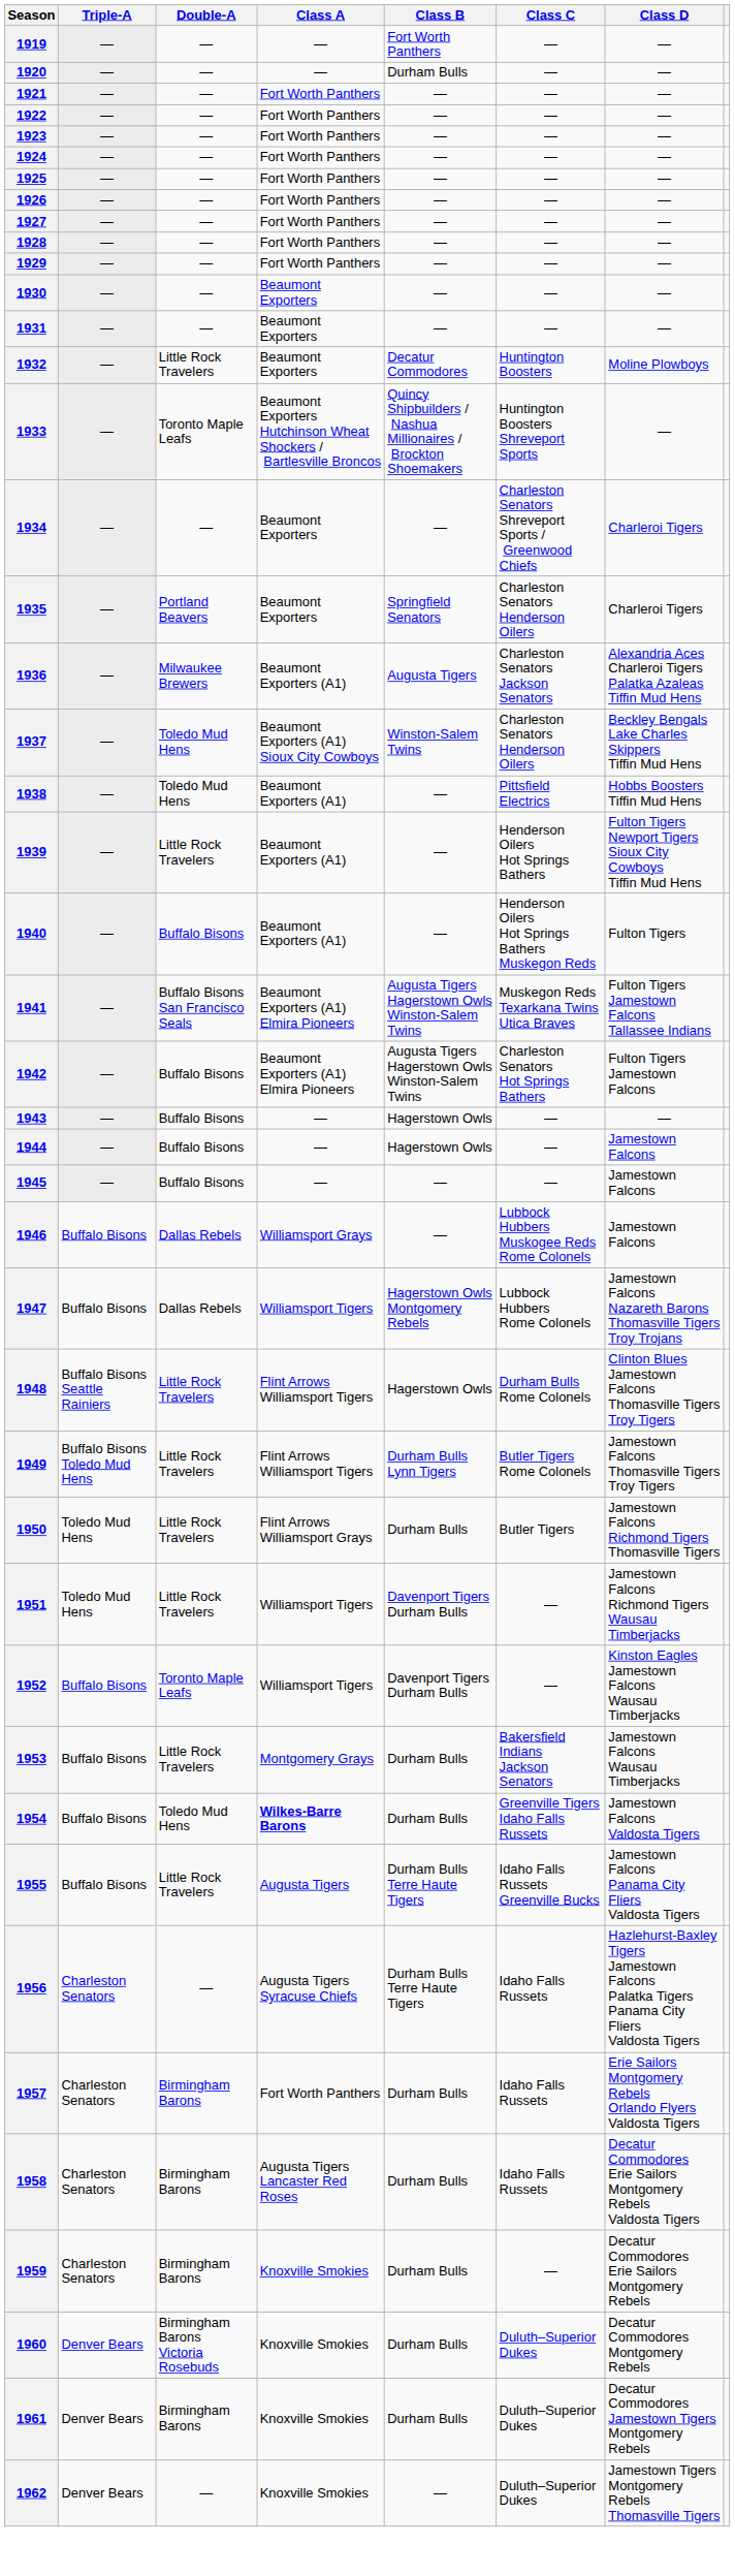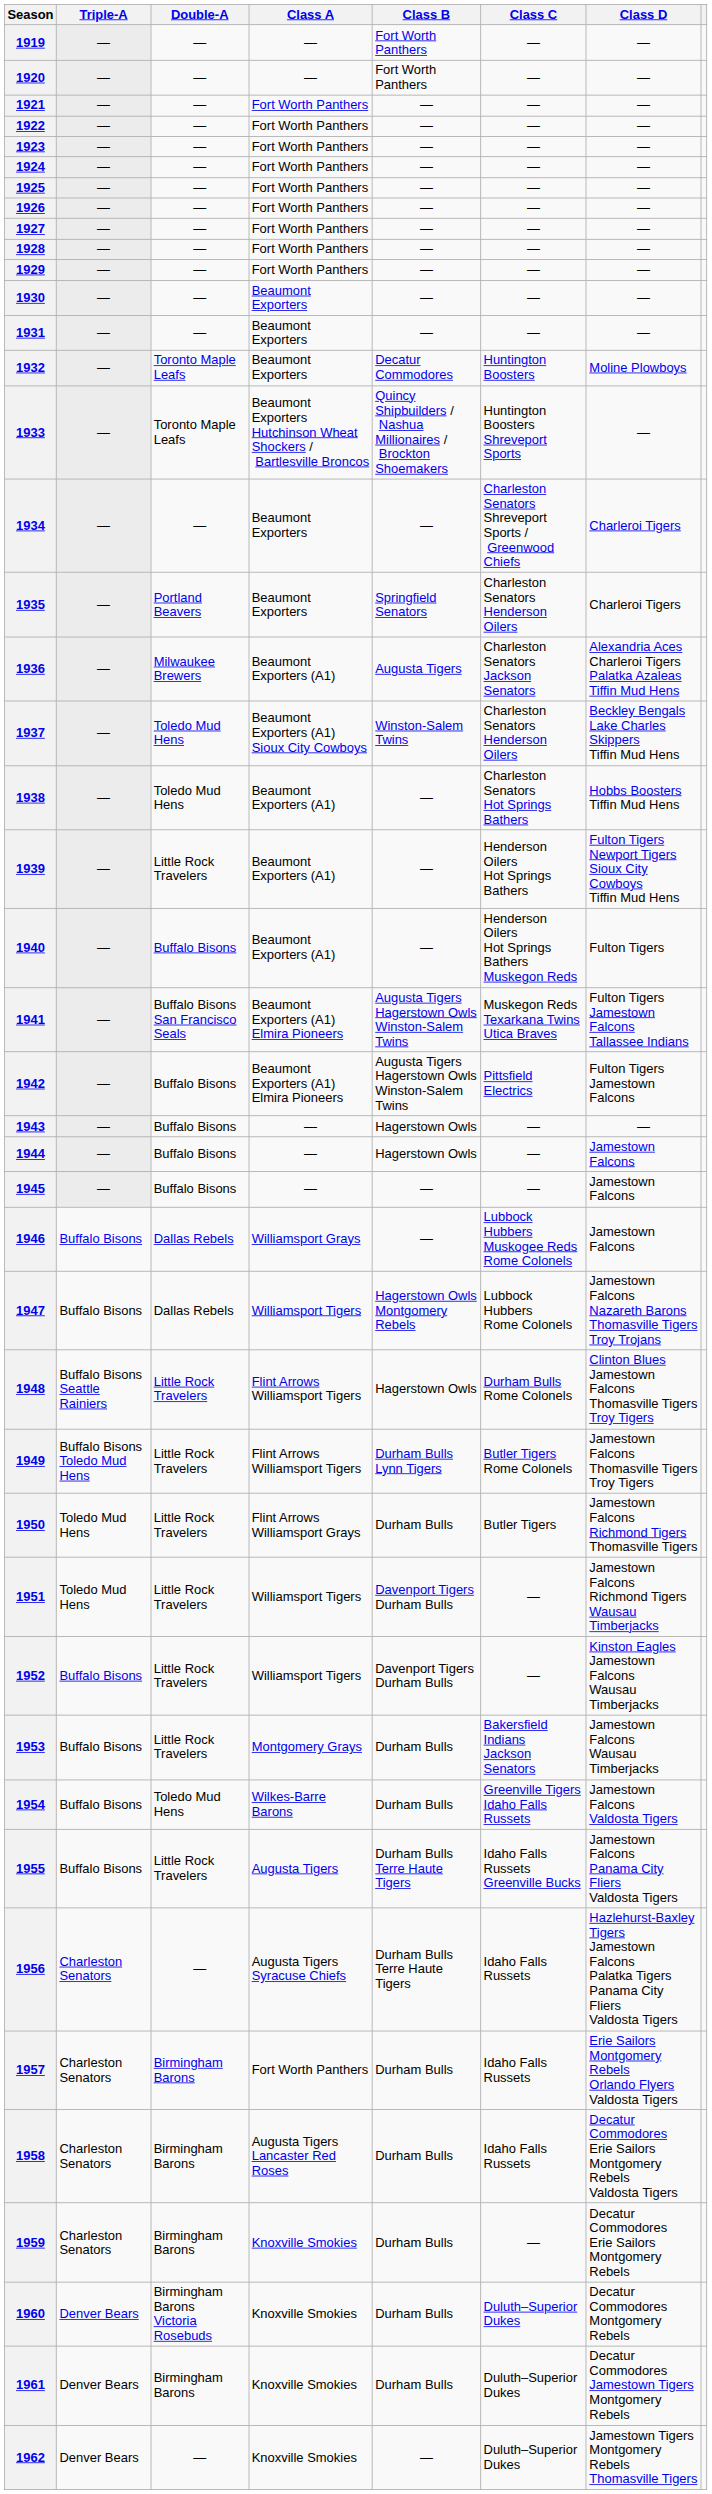 <table class="wikitable plainrowheaders">
 <tr>
 <th scope="col">Season</th>
 <th scope="col"><a href='#'><span>Triple-A</span></a></th>
 <th scope="col"><a href='#'><span>Double-A</span></a></th>
 <th scope="col"><a href='#'><span>Class A</span></a></th>
 <th scope="col"><a href='#'><span>Class B</span></a></th>
 <th scope="col"><a href='#'><span>Class C</span></a></th>
 <th scope="col"><a href='#'><span>Class D</span></a></th>
 <th scope="col"></th>
 </tr>
 <tr>
 <th scope="row" style="text-align:center"><a href='#'>1919</a></th>
 <td style="background:#ececec" align="center">—</td>
 <td align="center">—</td>
 <td align="center">—</td>
 <td><a href='#'>Fort Worth Panthers</a></td>
 <td align="center">—</td>
 <td align="center">—</td>
 <td align="center"></td>
 </tr>
 <tr>
 <th scope="row" style="text-align:center"><a href='#'>1920</a></th>
 <td style="background:#ececec" align="center">—</td>
 <td align="center">—</td>
 <td align="center">—</td>
-<td>Durham Bulls</td>
+<td>Fort Worth Panthers</td>
 <td align="center">—</td>
 <td align="center">—</td>
 <td align="center"></td>
 </tr>
 <tr>
 <th scope="row" style="text-align:center"><a href='#'>1921</a></th>
 <td style="background:#ececec" align="center">—</td>
 <td align="center">—</td>
 <td><a href='#'>Fort Worth Panthers</a></td>
 <td align="center">—</td>
 <td align="center">—</td>
 <td align="center">—</td>
 <td align="center"></td>
 </tr>
 <tr>
 <th scope="row" style="text-align:center"><a href='#'>1922</a></th>
 <td style="background:#ececec" align="center">—</td>
 <td align="center">—</td>
 <td>Fort Worth Panthers</td>
 <td align="center">—</td>
 <td align="center">—</td>
 <td align="center">—</td>
 <td align="center"></td>
 </tr>
 <tr>
 <th scope="row" style="text-align:center"><a href='#'>1923</a></th>
 <td style="background:#ececec" align="center">—</td>
 <td align="center">—</td>
 <td>Fort Worth Panthers</td>
 <td align="center">—</td>
 <td align="center">—</td>
 <td align="center">—</td>
 <td align="center"></td>
 </tr>
 <tr>
 <th scope="row" style="text-align:center"><a href='#'>1924</a></th>
 <td style="background:#ececec" align="center">—</td>
 <td align="center">—</td>
 <td>Fort Worth Panthers</td>
 <td align="center">—</td>
 <td align="center">—</td>
 <td align="center">—</td>
 <td align="center"></td>
 </tr>
 <tr>
 <th scope="row" style="text-align:center"><a href='#'>1925</a></th>
 <td style="background:#ececec" align="center">—</td>
 <td align="center">—</td>
 <td>Fort Worth Panthers</td>
 <td align="center">—</td>
 <td align="center">—</td>
 <td align="center">—</td>
 <td align="center"></td>
 </tr>
 <tr>
 <th scope="row" style="text-align:center"><a href='#'>1926</a></th>
 <td style="background:#ececec" align="center">—</td>
 <td align="center">—</td>
 <td>Fort Worth Panthers</td>
 <td align="center">—</td>
 <td align="center">—</td>
 <td align="center">—</td>
 <td align="center"></td>
 </tr>
 <tr>
 <th scope="row" style="text-align:center"><a href='#'>1927</a></th>
 <td style="background:#ececec" align="center">—</td>
 <td align="center">—</td>
 <td>Fort Worth Panthers</td>
 <td align="center">—</td>
 <td align="center">—</td>
 <td align="center">—</td>
 <td align="center"></td>
 </tr>
 <tr>
 <th scope="row" style="text-align:center"><a href='#'>1928</a></th>
 <td style="background:#ececec" align="center">—</td>
 <td align="center">—</td>
 <td>Fort Worth Panthers</td>
 <td align="center">—</td>
 <td align="center">—</td>
 <td align="center">—</td>
 <td align="center"></td>
 </tr>
 <tr>
 <th scope="row" style="text-align:center"><a href='#'>1929</a></th>
 <td style="background:#ececec" align="center">—</td>
 <td align="center">—</td>
 <td>Fort Worth Panthers</td>
 <td align="center">—</td>
 <td align="center">—</td>
 <td align="center">—</td>
 <td align="center"></td>
 </tr>
 <tr>
 <th scope="row" style="text-align:center"><a href='#'>1930</a></th>
 <td style="background:#ececec" align="center">—</td>
 <td align="center">—</td>
 <td><a href='#'>Beaumont Exporters</a></td>
 <td align="center">—</td>
 <td align="center">—</td>
 <td align="center">—</td>
 <td align="center"></td>
 </tr>
 <tr>
 <th scope="row" style="text-align:center"><a href='#'>1931</a></th>
 <td style="background:#ececec" align="center">—</td>
 <td align="center">—</td>
 <td>Beaumont Exporters</td>
 <td align="center">—</td>
 <td align="center">—</td>
 <td align="center">—</td>
 <td align="center"></td>
 </tr>
 <tr>
 <th scope="row" style="text-align:center"><a href='#'>1932</a></th>
 <td style="background:#ececec" align="center">—</td>
-<td>Little Rock Travelers</td>
+<td><a href='#'>Toronto Maple Leafs</a></td>
 <td>Beaumont Exporters</td>
 <td><a href='#'>Decatur Commodores</a></td>
 <td><a href='#'>Huntington Boosters</a></td>
 <td><a href='#'>Moline Plowboys</a></td>
 <td align="center"></td>
 </tr>
 <tr>
 <th scope="row" style="text-align:center"><a href='#'>1933</a></th>
 <td style="background:#ececec" align="center">—</td>
 <td>Toronto Maple Leafs</td>
 <td>Beaumont Exporters<br><a href='#'>Hutchinson Wheat Shockers</a> /<br>  <a href='#'>Bartlesville Broncos</a></td>
 <td><a href='#'>Quincy Shipbuilders</a> /<br>  <a href='#'>Nashua Millionaires</a> /<br>  <a href='#'>Brockton Shoemakers</a></td>
 <td>Huntington Boosters<br><a href='#'>Shreveport Sports</a></td>
 <td align="center">—</td>
 <td align="center"></td>
 </tr>
 <tr>
 <th scope="row" style="text-align:center"><a href='#'>1934</a></th>
 <td style="background:#ececec" align="center">—</td>
 <td align="center">—</td>
 <td>Beaumont Exporters</td>
 <td align="center">—</td>
 <td><a href='#'>Charleston Senators</a><br>Shreveport Sports /<br>  <a href='#'>Greenwood Chiefs</a></td>
 <td><a href='#'>Charleroi Tigers</a></td>
 <td align="center"></td>
 </tr>
 <tr>
 <th scope="row" style="text-align:center"><a href='#'>1935</a></th>
 <td style="background:#ececec" align="center">—</td>
 <td><a href='#'>Portland Beavers</a></td>
 <td>Beaumont Exporters</td>
 <td><a href='#'>Springfield Senators</a></td>
 <td>Charleston Senators<br><a href='#'>Henderson Oilers</a></td>
 <td>Charleroi Tigers</td>
 <td align="center"></td>
 </tr>
 <tr>
 <th scope="row" style="text-align:center"><a href='#'>1936</a></th>
 <td style="background:#ececec" align="center">—</td>
 <td><a href='#'>Milwaukee Brewers</a></td>
 <td>Beaumont Exporters (A1)</td>
 <td><a href='#'>Augusta Tigers</a></td>
 <td>Charleston Senators<br><a href='#'>Jackson Senators</a></td>
 <td><a href='#'>Alexandria Aces</a><br>Charleroi Tigers<br><a href='#'>Palatka Azaleas</a><br><a href='#'>Tiffin Mud Hens</a></td>
 <td align="center"></td>
 </tr>
 <tr>
 <th scope="row" style="text-align:center"><a href='#'>1937</a></th>
 <td style="background:#ececec" align="center">—</td>
 <td><a href='#'>Toledo Mud Hens</a></td>
 <td>Beaumont Exporters (A1)<br><a href='#'>Sioux City Cowboys</a></td>
 <td><a href='#'>Winston-Salem Twins</a></td>
 <td>Charleston Senators<br><a href='#'>Henderson Oilers</a></td>
 <td><a href='#'>Beckley Bengals</a><br><a href='#'>Lake Charles Skippers</a><br>Tiffin Mud Hens</td>
 <td align="center"></td>
 </tr>
 <tr>
 <th scope="row" style="text-align:center"><a href='#'>1938</a></th>
 <td style="background:#ececec" align="center">—</td>
 <td>Toledo Mud Hens</td>
 <td>Beaumont Exporters (A1)</td>
 <td align="center">—</td>
-<td><a href='#'>Pittsfield Electrics</a></td>
+<td>Charleston Senators<br><a href='#'>Hot Springs Bathers</a></td>
 <td><a href='#'>Hobbs Boosters</a><br>Tiffin Mud Hens</td>
 <td align="center"></td>
 </tr>
 <tr>
 <th scope="row" style="text-align:center"><a href='#'>1939</a></th>
 <td style="background:#ececec" align="center">—</td>
 <td>Little Rock Travelers</td>
 <td>Beaumont Exporters (A1)</td>
 <td align="center">—</td>
 <td>Henderson Oilers<br>Hot Springs Bathers</td>
 <td><a href='#'>Fulton Tigers</a><br><a href='#'>Newport Tigers</a><br><a href='#'>Sioux City Cowboys</a><br>Tiffin Mud Hens</td>
 <td align="center"></td>
 </tr>
 <tr>
 <th scope="row" style="text-align:center"><a href='#'>1940</a></th>
 <td style="background:#ececec" align="center">—</td>
 <td><a href='#'>Buffalo Bisons</a></td>
 <td>Beaumont Exporters (A1)</td>
 <td align="center">—</td>
 <td>Henderson Oilers<br>Hot Springs Bathers<br><a href='#'>Muskegon Reds</a></td>
 <td>Fulton Tigers</td>
 <td align="center"></td>
 </tr>
 <tr>
 <th scope="row" style="text-align:center"><a href='#'>1941</a></th>
 <td style="background:#ececec" align="center">—</td>
 <td>Buffalo Bisons<br><a href='#'>San Francisco Seals</a></td>
 <td>Beaumont Exporters (A1)<br><a href='#'>Elmira Pioneers</a></td>
 <td><a href='#'>Augusta Tigers</a><br><a href='#'>Hagerstown Owls</a><br><a href='#'>Winston-Salem Twins</a></td>
 <td>Muskegon Reds<br><a href='#'>Texarkana Twins</a><br><a href='#'>Utica Braves</a></td>
 <td>Fulton Tigers<br><a href='#'>Jamestown Falcons</a><br><a href='#'>Tallassee Indians</a></td>
 <td align="center"></td>
 </tr>
 <tr>
 <th scope="row" style="text-align:center"><a href='#'>1942</a></th>
 <td style="background:#ececec" align="center">—</td>
 <td>Buffalo Bisons</td>
 <td>Beaumont Exporters (A1)<br>Elmira Pioneers</td>
 <td>Augusta Tigers<br>Hagerstown Owls<br>Winston-Salem Twins</td>
-<td>Charleston Senators<br><a href='#'>Hot Springs Bathers</a></td>
+<td><a href='#'>Pittsfield Electrics</a></td>
 <td>Fulton Tigers<br>Jamestown Falcons</td>
 <td align="center"></td>
 </tr>
 <tr>
 <th scope="row" style="text-align:center"><a href='#'>1943</a></th>
 <td style="background:#ececec" align="center">—</td>
 <td>Buffalo Bisons</td>
 <td align="center">—</td>
 <td>Hagerstown Owls</td>
 <td align="center">—</td>
 <td align="center">—</td>
 <td align="center"></td>
 </tr>
 <tr>
 <th scope="row" style="text-align:center"><a href='#'>1944</a></th>
 <td style="background:#ececec" align="center">—</td>
 <td>Buffalo Bisons</td>
 <td align="center">—</td>
 <td>Hagerstown Owls</td>
 <td align="center">—</td>
 <td><a href='#'>Jamestown Falcons</a></td>
 <td align="center"></td>
 </tr>
 <tr>
 <th scope="row" style="text-align:center"><a href='#'>1945</a></th>
 <td style="background:#ececec" align="center">—</td>
 <td>Buffalo Bisons</td>
 <td align="center">—</td>
 <td align="center">—</td>
 <td align="center">—</td>
 <td>Jamestown Falcons</td>
 <td align="center"></td>
 </tr>
 <tr>
 <th scope="row" style="text-align:center"><a href='#'>1946</a></th>
 <td><a href='#'>Buffalo Bisons</a></td>
 <td><a href='#'>Dallas Rebels</a></td>
 <td><a href='#'>Williamsport Grays</a></td>
 <td align="center">—</td>
 <td><a href='#'>Lubbock Hubbers</a><br><a href='#'>Muskogee Reds</a><br><a href='#'>Rome Colonels</a></td>
 <td>Jamestown Falcons</td>
 <td align="center"></td>
 </tr>
 <tr>
 <th scope="row" style="text-align:center"><a href='#'>1947</a></th>
 <td>Buffalo Bisons</td>
 <td>Dallas Rebels</td>
 <td><a href='#'>Williamsport Tigers</a></td>
 <td><a href='#'>Hagerstown Owls</a><br><a href='#'>Montgomery Rebels</a></td>
 <td>Lubbock Hubbers<br>Rome Colonels</td>
 <td>Jamestown Falcons<br><a href='#'>Nazareth Barons</a><br><a href='#'>Thomasville Tigers</a><br><a href='#'>Troy Trojans</a></td>
 <td align="center"></td>
 </tr>
 <tr>
 <th scope="row" style="text-align:center"><a href='#'>1948</a></th>
 <td>Buffalo Bisons<br><a href='#'>Seattle Rainiers</a></td>
 <td><a href='#'>Little Rock Travelers</a></td>
 <td><a href='#'>Flint Arrows</a><br>Williamsport Tigers</td>
 <td>Hagerstown Owls</td>
 <td><a href='#'>Durham Bulls</a><br>Rome Colonels</td>
 <td><a href='#'>Clinton Blues</a><br>Jamestown Falcons<br>Thomasville Tigers<br><a href='#'>Troy Tigers</a></td>
 <td align="center"></td>
 </tr>
 <tr>
 <th scope="row" style="text-align:center"><a href='#'>1949</a></th>
 <td>Buffalo Bisons<br><a href='#'>Toledo Mud Hens</a></td>
 <td>Little Rock Travelers</td>
 <td>Flint Arrows<br>Williamsport Tigers</td>
 <td><a href='#'>Durham Bulls</a><br><a href='#'>Lynn Tigers</a></td>
 <td><a href='#'>Butler Tigers</a><br>Rome Colonels</td>
 <td>Jamestown Falcons<br>Thomasville Tigers<br>Troy Tigers</td>
 <td align="center"></td>
 </tr>
 <tr>
 <th scope="row" style="text-align:center"><a href='#'>1950</a></th>
 <td>Toledo Mud Hens</td>
 <td>Little Rock Travelers</td>
 <td>Flint Arrows<br>Williamsport Grays</td>
 <td>Durham Bulls</td>
 <td>Butler Tigers</td>
 <td>Jamestown Falcons<br><a href='#'>Richmond Tigers</a><br>Thomasville Tigers</td>
 <td align="center"></td>
 </tr>
 <tr>
 <th scope="row" style="text-align:center"><a href='#'>1951</a></th>
 <td>Toledo Mud Hens</td>
 <td>Little Rock Travelers</td>
 <td>Williamsport Tigers</td>
 <td><a href='#'>Davenport Tigers</a><br>Durham Bulls</td>
 <td align="center">—</td>
 <td>Jamestown Falcons<br>Richmond Tigers<br><a href='#'>Wausau Timberjacks</a></td>
 <td align="center"></td>
 </tr>
 <tr>
 <th scope="row" style="text-align:center"><a href='#'>1952</a></th>
 <td><a href='#'>Buffalo Bisons</a></td>
-<td><a href='#'>Toronto Maple Leafs</a></td>
+<td>Little Rock Travelers</td>
 <td>Williamsport Tigers</td>
 <td>Davenport Tigers<br>Durham Bulls</td>
 <td align="center">—</td>
 <td><a href='#'>Kinston Eagles</a><br>Jamestown Falcons<br>Wausau Timberjacks</td>
 <td align="center"></td>
 </tr>
 <tr>
 <th scope="row" style="text-align:center"><a href='#'>1953</a></th>
 <td>Buffalo Bisons</td>
 <td>Little Rock Travelers</td>
 <td><a href='#'>Montgomery Grays</a></td>
 <td>Durham Bulls</td>
 <td><a href='#'>Bakersfield Indians</a><br><a href='#'>Jackson Senators</a></td>
 <td>Jamestown Falcons<br>Wausau Timberjacks</td>
 <td align="center"></td>
 </tr>
 <tr>
 <th scope="row" style="text-align:center"><a href='#'>1954</a></th>
 <td>Buffalo Bisons</td>
 <td>Toledo Mud Hens</td>
-<td><strong><a href='#'>Wilkes-Barre Barons</a></strong></td>
+<td><a href='#'>Wilkes-Barre Barons</a></td>
 <td>Durham Bulls</td>
 <td><a href='#'>Greenville Tigers</a><br><a href='#'>Idaho Falls Russets</a></td>
 <td>Jamestown Falcons<br><a href='#'>Valdosta Tigers</a></td>
 <td align="center"></td>
 </tr>
 <tr>
 <th scope="row" style="text-align:center"><a href='#'>1955</a></th>
 <td>Buffalo Bisons</td>
 <td>Little Rock Travelers</td>
 <td><a href='#'>Augusta Tigers</a></td>
 <td>Durham Bulls<br><a href='#'>Terre Haute Tigers</a></td>
 <td>Idaho Falls Russets<br><a href='#'>Greenville Bucks</a></td>
 <td>Jamestown Falcons<br><a href='#'>Panama City Fliers</a><br>Valdosta Tigers</td>
 <td align="center"></td>
 </tr>
 <tr>
 <th scope="row" style="text-align:center"><a href='#'>1956</a></th>
 <td><a href='#'>Charleston Senators</a></td>
 <td align="center">—</td>
 <td>Augusta Tigers<br><a href='#'>Syracuse Chiefs</a></td>
 <td>Durham Bulls<br>Terre Haute Tigers</td>
 <td>Idaho Falls Russets</td>
 <td><a href='#'>Hazlehurst-Baxley Tigers</a><br>Jamestown Falcons<br>Palatka Tigers<br>Panama City Fliers<br>Valdosta Tigers</td>
 <td align="center"></td>
 </tr>
 <tr>
 <th scope="row" style="text-align:center"><a href='#'>1957</a></th>
 <td>Charleston Senators</td>
 <td><a href='#'>Birmingham Barons</a></td>
 <td>Fort Worth Panthers</td>
 <td>Durham Bulls</td>
 <td>Idaho Falls Russets</td>
 <td><a href='#'>Erie Sailors</a><br><a href='#'>Montgomery Rebels</a><br><a href='#'>Orlando Flyers</a><br>Valdosta Tigers</td>
 <td align="center"></td>
 </tr>
 <tr>
 <th scope="row" style="text-align:center"><a href='#'>1958</a></th>
 <td>Charleston Senators</td>
 <td>Birmingham Barons</td>
 <td>Augusta Tigers<br><a href='#'>Lancaster Red Roses</a></td>
 <td>Durham Bulls</td>
 <td>Idaho Falls Russets</td>
 <td><a href='#'>Decatur Commodores</a><br>Erie Sailors<br>Montgomery Rebels<br>Valdosta Tigers</td>
 <td align="center"></td>
 </tr>
 <tr>
 <th scope="row" style="text-align:center"><a href='#'>1959</a></th>
 <td>Charleston Senators</td>
 <td>Birmingham Barons</td>
 <td><a href='#'>Knoxville Smokies</a></td>
 <td>Durham Bulls</td>
 <td align="center">—</td>
 <td>Decatur Commodores<br>Erie Sailors<br>Montgomery Rebels</td>
 <td align="center"></td>
 </tr>
 <tr>
 <th scope="row" style="text-align:center"><a href='#'>1960</a></th>
 <td><a href='#'>Denver Bears</a></td>
 <td>Birmingham Barons<br><a href='#'>Victoria Rosebuds</a></td>
 <td>Knoxville Smokies</td>
 <td>Durham Bulls</td>
 <td><a href='#'>Duluth–Superior Dukes</a></td>
 <td>Decatur Commodores<br>Montgomery Rebels</td>
 <td align="center"></td>
 </tr>
 <tr>
 <th scope="row" style="text-align:center"><a href='#'>1961</a></th>
 <td>Denver Bears</td>
 <td>Birmingham Barons</td>
 <td>Knoxville Smokies</td>
 <td>Durham Bulls</td>
 <td>Duluth–Superior Dukes</td>
 <td>Decatur Commodores<br><a href='#'>Jamestown Tigers</a><br>Montgomery Rebels</td>
 <td align="center"></td>
 </tr>
 <tr>
 <th scope="row" style="text-align:center"><a href='#'>1962</a></th>
 <td>Denver Bears</td>
 <td align="center">—</td>
 <td>Knoxville Smokies</td>
 <td align="center">—</td>
 <td>Duluth–Superior Dukes</td>
 <td>Jamestown Tigers<br>Montgomery Rebels<br><a href='#'>Thomasville Tigers</a></td>
 <td align="center"></td>
 </tr>
 </table>
